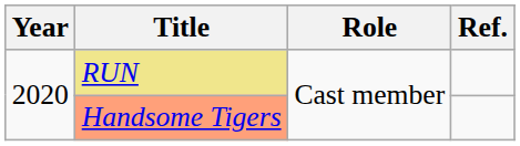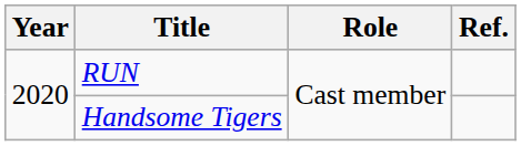 <table class="wikitable sortable">
 <tr>
 <th>Year</th>
 <th>Title</th>
 <th>Role</th>
 <th>Ref.</th>
 </tr>
 <tr>
 <td rowspan=2>2020</td>
-<td style="background: khaki;"><em><a href='#'>RUN</a></em></td>
+<td><em><a href='#'>RUN</a></em></td>
 <td rowspan=2>Cast member</td>
 <td></td>
 </tr>
 <tr>
-<td style="background: lightsalmon;"><em><a href='#'>Handsome Tigers</a></em></td>
+<td><em><a href='#'>Handsome Tigers</a></em></td>
 <td></td>
 </tr>
 </table>
